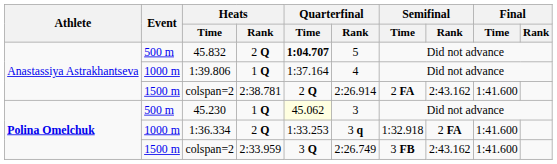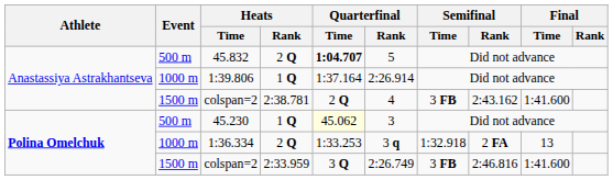 <table class="wikitable" style="font-size:90%">
 <tr>
 <th rowspan=2>Athlete</th>
 <th rowspan=2>Event</th>
 <th colspan=2>Heats</th>
 <th colspan=2>Quarterfinal</th>
 <th colspan=2>Semifinal</th>
 <th colspan=2>Final</th>
 </tr>
 <tr style="font-size:95%">
 <th>Time</th>
 <th>Rank</th>
 <th>Time</th>
 <th>Rank</th>
 <th>Time</th>
 <th>Rank</th>
 <th>Time</th>
 <th>Rank</th>
 </tr>
 <tr align=center>
 <td align=left rowspan=3><a href='#'>Anastassiya Astrakhantseva</a></td>
 <td align=left><a href='#'>500 m</a></td>
 <td>45.832</td>
 <td>2 <strong>Q</strong></td>
 <td><strong>1:04.707</strong></td>
 <td>5</td>
 <td colspan=4>Did not advance</td>
 </tr>
 <tr align=center>
 <td align=left><a href='#'>1000 m</a></td>
 <td>1:39.806</td>
 <td>1 <strong>Q</strong></td>
 <td>1:37.164</td>
-<td>4</td>
+<td>2:26.914</td>
 <td colspan=4>Did not advance</td>
 </tr>
 <tr align=center>
 <td align=left><a href='#'>1500 m</a></td>
 <td>colspan=2</td>
 <td>2:38.781</td>
 <td>2 <strong>Q</strong></td>
-<td>2:26.914</td>
-<td>2 <strong>FA</strong></td>
+<td>4</td>
+<td>3 <strong>FB</strong></td>
 <td>2:43.162</td>
 <td>1:41.600</td>
 </tr>
 <tr align=center>
 <td align=left rowspan=3><strong><a href='#'>Polina Omelchuk</a></strong></td>
 <td align=left><a href='#'>500 m</a></td>
 <td>45.230</td>
 <td>1 <strong>Q</strong></td>
 <td style="background: lightyellow;">45.062</td>
 <td>3</td>
 <td colspan=4>Did not advance</td>
 </tr>
 <tr align=center>
 <td align=left><a href='#'>1000 m</a></td>
 <td>1:36.334</td>
 <td>2 <strong>Q</strong></td>
 <td>1:33.253</td>
 <td>3 <strong>q</strong></td>
 <td>1:32.918</td>
 <td>2 <strong>FA</strong></td>
-<td>1:41.600</td>
+<td>13</td>
 <td></td>
 </tr>
 <tr align=center>
 <td align=left><a href='#'>1500 m</a></td>
 <td>colspan=2</td>
 <td>2:33.959</td>
 <td>3 <strong>Q</strong></td>
 <td>2:26.749</td>
 <td>3 <strong>FB</strong></td>
-<td>2:43.162</td>
+<td>2:46.816</td>
 <td>1:41.600</td>
 </tr>
 </table>
